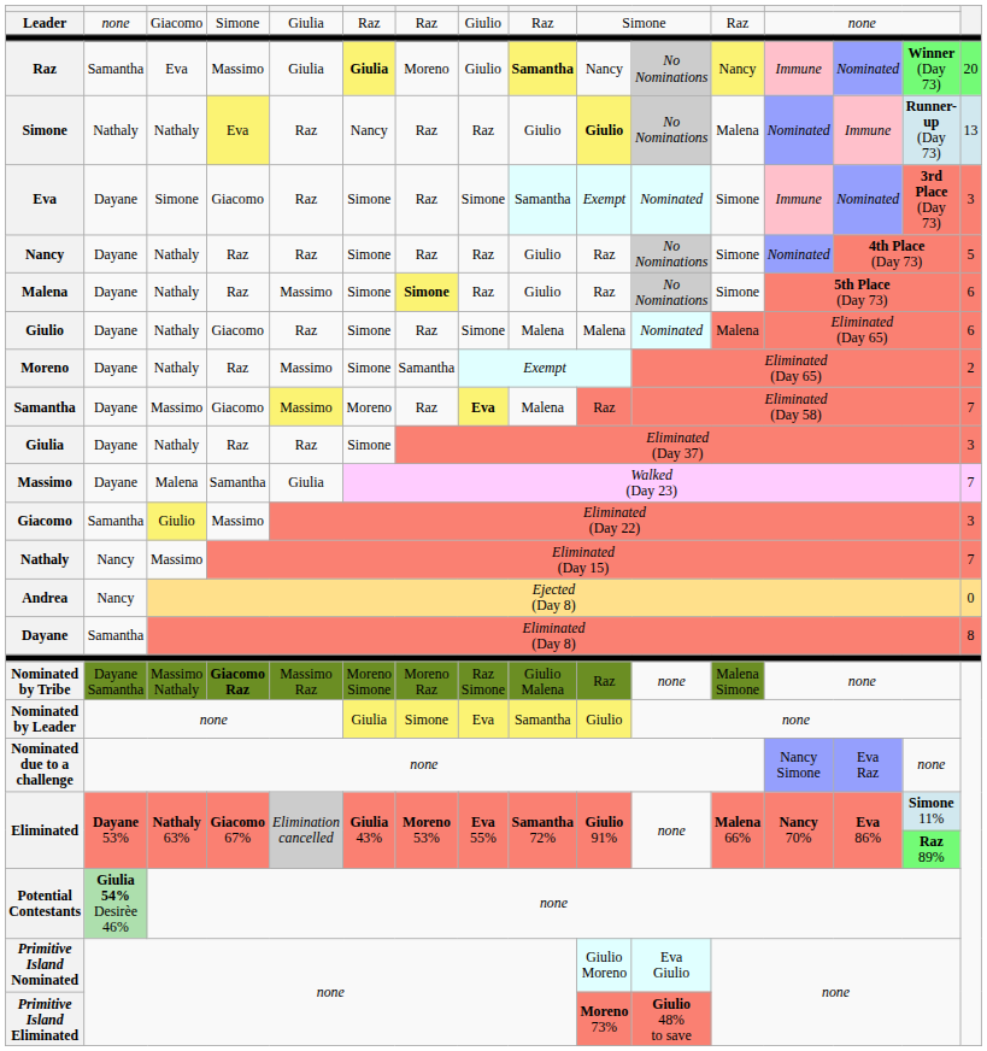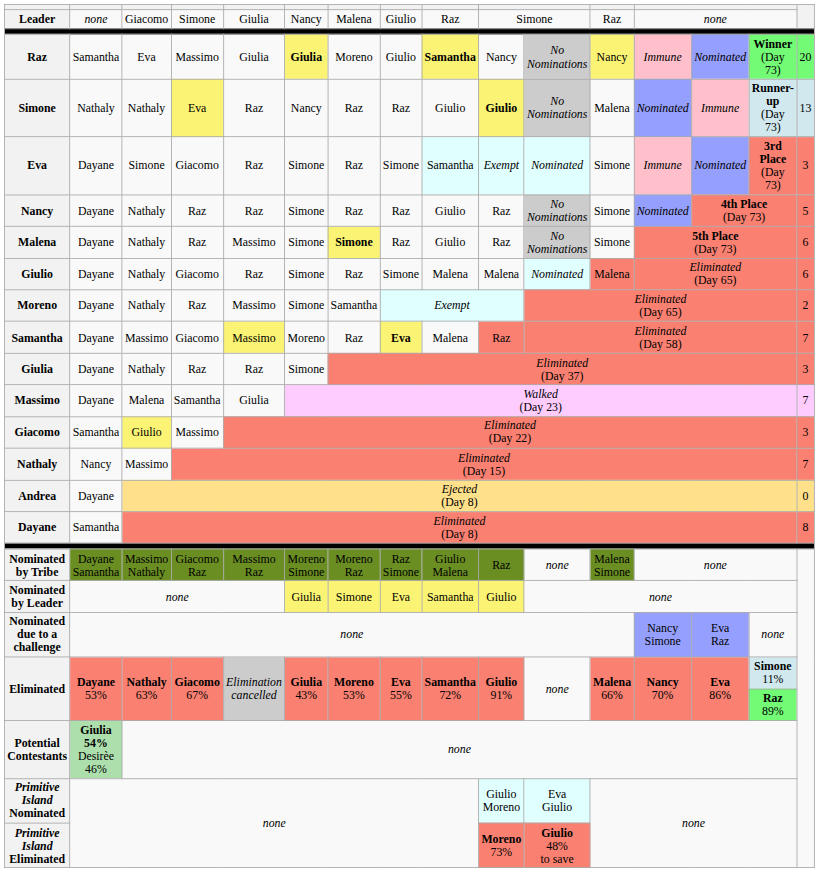 <table class="wikitable" style="font-size:85%; width:100%; text-align:center; margin-left: auto; margin-right: auto;; line-height:15px;">
 <tr>
 <th style="width: 10%;"></th>
 <th style="width: 6%;"></th>
 <th style="width: 6%;"></th>
 <th style="width: 6%;"></th>
 <th style="width: 6%;"></th>
 <th style="width: 6%;"></th>
 <th style="width: 6%;"></th>
 <th style="width: 6%;"></th>
 <th style="width: 6%;"></th>
 <th colspan="2" style="width: 9%;"></th>
 <th style="width: 6%;"></th>
 <th colspan="3" style="width: 15%;"></th>
 <th rowspan="2" style="width: 5%;"></th>
 </tr>
 <tr>
 <th>Leader</th>
 <td><em>none</em></td>
 <td>Giacomo</td>
 <td>Simone</td>
 <td>Giulia</td>
-<td>Raz</td>
-<td>Raz</td>
+<td>Nancy</td>
+<td>Malena</td>
 <td>Giulio</td>
 <td>Raz</td>
 <td colspan="2">Simone</td>
 <td>Raz</td>
 <td colspan="3"><em>none</em></td>
 </tr>
 <tr>
 <th colspan="16" style="background:#000;"></th>
 </tr>
 <tr>
 <th>Raz</th>
 <td>Samantha</td>
 <td>Eva</td>
 <td>Massimo</td>
 <td>Giulia</td>
 <td style="background:#FBF373"><strong>Giulia</strong></td>
 <td>Moreno</td>
 <td>Giulio</td>
 <td style="background:#FBF373"><strong>Samantha</strong></td>
 <td>Nancy</td>
 <td style="background:#CCC"><em>No<br>Nominations</em></td>
 <td style="background:#FBF373">Nancy</td>
 <td style="background:pink;"><em>Immune</em></td>
 <td style="background:#959ffd;"><em>Nominated</em></td>
 <td style="background:#73fb76;"><strong>Winner</strong><br>(Day 73)</td>
 <td style="background:#73fb76;">20</td>
 </tr>
 <tr>
 <th>Simone</th>
 <td>Nathaly</td>
 <td>Nathaly</td>
 <td style="background:#FBF373">Eva</td>
 <td>Raz</td>
 <td>Nancy</td>
 <td>Raz</td>
 <td>Raz</td>
 <td>Giulio</td>
 <td style="background:#FBF373"><strong>Giulio</strong></td>
 <td style="background:#CCC"><em>No<br>Nominations</em></td>
 <td>Malena</td>
 <td style="background:#959ffd;"><em>Nominated</em></td>
 <td style="background:pink;"><em>Immune</em></td>
 <td style="background:#d1e8ef;"><strong>Runner-up</strong><br>(Day 73)</td>
 <td style="background:#d1e8ef;">13</td>
 </tr>
 <tr>
 <th>Eva</th>
 <td>Dayane</td>
 <td>Simone</td>
 <td>Giacomo</td>
 <td>Raz</td>
 <td>Simone</td>
 <td>Raz</td>
 <td>Simone</td>
 <td style="background:#E0FFFF">Samantha</td>
 <td style="background:#E0FFFF"><em>Exempt</em></td>
 <td style="background:#E0FFFF"><em>Nominated</em></td>
 <td>Simone</td>
 <td style="background:pink;"><em>Immune</em></td>
 <td style="background:#959ffd;"><em>Nominated</em></td>
 <td style="background:salmon;"><strong>3rd Place</strong><br>(Day 73)</td>
 <td style="background:salmon;">3</td>
 </tr>
 <tr>
 <th>Nancy</th>
 <td>Dayane</td>
 <td>Nathaly</td>
 <td>Raz</td>
 <td>Raz</td>
 <td>Simone</td>
 <td>Raz</td>
 <td>Raz</td>
 <td>Giulio</td>
 <td>Raz</td>
 <td style="background:#CCC"><em>No<br>Nominations</em></td>
 <td>Simone</td>
 <td style="background:#959ffd;"><em>Nominated</em></td>
 <td colspan="2" style="background:salmon;"><strong>4th Place</strong><br>(Day 73)</td>
 <td style="background:salmon;">5</td>
 </tr>
 <tr>
 <th>Malena</th>
 <td>Dayane</td>
 <td>Nathaly</td>
 <td>Raz</td>
 <td>Massimo</td>
 <td>Simone</td>
 <td style="background:#FBF373"><strong>Simone</strong></td>
 <td>Raz</td>
 <td>Giulio</td>
 <td>Raz</td>
 <td style="background:#CCC"><em>No<br>Nominations</em></td>
 <td>Simone</td>
 <td colspan="3" style="background:salmon;"><strong>5th Place</strong><br>(Day 73)</td>
 <td style="background:salmon;">6</td>
 </tr>
 <tr>
 <th>Giulio</th>
 <td>Dayane</td>
 <td>Nathaly</td>
 <td>Giacomo</td>
 <td>Raz</td>
 <td>Simone</td>
 <td>Raz</td>
 <td>Simone</td>
 <td>Malena</td>
 <td>Malena</td>
 <td style="background:#E0FFFF"><em>Nominated</em></td>
 <td style="background:salmon;">Malena</td>
 <td colspan="3" style="background:salmon;"><em>Eliminated</em><br>(Day 65)</td>
 <td style="background:salmon;">6</td>
 </tr>
 <tr>
 <th>Moreno</th>
 <td>Dayane</td>
 <td>Nathaly</td>
 <td>Raz</td>
 <td>Massimo</td>
 <td>Simone</td>
 <td>Samantha</td>
 <td colspan="3" style="background:#E0FFFF"><em>Exempt</em></td>
 <td colspan="5" style="background:salmon;"><em>Eliminated</em><br>(Day 65)</td>
 <td style="background:salmon;">2</td>
 </tr>
 <tr>
 <th>Samantha</th>
 <td>Dayane</td>
 <td>Massimo</td>
 <td>Giacomo</td>
 <td style="background:#FBF373">Massimo</td>
 <td>Moreno</td>
 <td>Raz</td>
 <td style="background:#FBF373"><strong>Eva</strong></td>
 <td>Malena</td>
 <td style="background:salmon;">Raz</td>
 <td colspan="5" style="background:salmon;"><em>Eliminated</em><br>(Day 58)</td>
 <td style="background:salmon;">7</td>
 </tr>
 <tr>
 <th>Giulia</th>
 <td>Dayane</td>
 <td>Nathaly</td>
 <td>Raz</td>
 <td>Raz</td>
 <td>Simone</td>
 <td colspan="9" style="background:salmon;"><em>Eliminated</em><br>(Day 37)</td>
 <td style="background:salmon;">3</td>
 </tr>
 <tr>
 <th>Massimo</th>
 <td>Dayane</td>
 <td>Malena</td>
 <td>Samantha</td>
 <td>Giulia</td>
 <td colspan="10" style="background:#fcf;"><em>Walked</em><br>(Day 23)</td>
 <td style="background:#fcf;">7</td>
 </tr>
 <tr>
 <th>Giacomo</th>
 <td>Samantha</td>
 <td style="background:#FBF373">Giulio</td>
 <td>Massimo</td>
 <td colspan="11" style="background:salmon;"><em>Eliminated</em><br>(Day 22)</td>
 <td style="background:salmon;">3</td>
 </tr>
 <tr>
 <th>Nathaly</th>
 <td>Nancy</td>
 <td>Massimo</td>
 <td colspan="12" style="background:salmon;"><em>Eliminated<br></em>(Day 15)</td>
 <td style="background:salmon;">7</td>
 </tr>
 <tr>
 <th>Andrea</th>
-<td>Nancy</td>
+<td>Dayane</td>
 <td colspan="13" style="background:#FFE08B;"><em>Ejected<br></em>(Day 8)</td>
 <td style="background:#FFE08B;">0</td>
 </tr>
 <tr>
 <th>Dayane</th>
 <td>Samantha</td>
 <td colspan="13" style="background:salmon;"><em>Eliminated<br></em>(Day 8)</td>
 <td style="background:salmon;">8</td>
 </tr>
 <tr>
 <th colspan="16" style="background:#000;"></th>
 </tr>
 <tr>
 <th>Nominated by Tribe</th>
 <td style="background:#6B8E23;">Dayane<br>Samantha</td>
 <td style="background:#6B8E23;">Massimo<br>Nathaly</td>
-<td style="background:#6B8E23;"><strong>Giacomo<br>Raz</strong></td>
+<td style="background:#6B8E23;">Giacomo<br>Raz</td>
 <td style="background:#6B8E23;">Massimo<br>Raz</td>
 <td style="background:#6B8E23;">Moreno<br>Simone</td>
 <td style="background:#6B8E23;">Moreno<br>Raz</td>
 <td style="background:#6B8E23;">Raz<br>Simone</td>
 <td style="background:#6B8E23;">Giulio<br>Malena</td>
 <td style="background:#6B8E23;">Raz</td>
 <td><em>none</em></td>
 <td style="background:#6B8E23;">Malena<br>Simone</td>
 <td colspan="3"><em>none</em></td>
 </tr>
 <tr>
 <th>Nominated by Leader</th>
 <td colspan="4"><em>none</em></td>
 <td style="background:#FBF373;">Giulia</td>
 <td style="background:#FBF373;">Simone</td>
 <td style="background:#FBF373;">Eva</td>
 <td style="background:#FBF373;">Samantha</td>
 <td style="background:#FBF373;">Giulio</td>
 <td colspan="5"><em>none</em></td>
 </tr>
 <tr>
 <th>Nominated due to a challenge</th>
 <td colspan="11"><em>none</em></td>
 <td style="background:#959ffd;">Nancy<br>Simone</td>
 <td style="background:#959ffd;">Eva<br>Raz</td>
 <td><em>none</em></td>
 </tr>
 <tr>
 <th rowspan="2">Eliminated</th>
 <td rowspan="2" style="background:salmon;"><strong>Dayane</strong><br>53%</td>
 <td rowspan="2" style="background:salmon;"><strong>Nathaly</strong><br>63%</td>
 <td rowspan="2" style="background:salmon;"><strong>Giacomo</strong><br>67%</td>
 <td rowspan="2" style="background:#ccc;"><em>Elimination<br>cancelled</em></td>
 <td rowspan="2" style="background:salmon;"><strong>Giulia</strong><br>43%</td>
 <td rowspan="2" style="background:salmon;"><strong>Moreno</strong><br>53%</td>
 <td rowspan="2" style="background:salmon;"><strong>Eva</strong><br>55%</td>
 <td rowspan="2" style="background:salmon;"><strong>Samantha</strong><br>72%</td>
 <td rowspan="2" style="background:salmon;"><strong>Giulio</strong><br>91%</td>
 <td rowspan="2"><em>none</em></td>
 <td rowspan="2" style="background:salmon;"><strong>Malena</strong><br>66%</td>
 <td rowspan="2" style="background:salmon;"><strong>Nancy</strong><br>70%</td>
 <td rowspan="2" style="background:salmon;"><strong>Eva</strong><br>86%</td>
 <td style="background: #D1E8EF;"><strong>Simone</strong><br>11%<br></td>
 </tr>
 <tr>
 <td style="background: #73FB76;"><strong>Raz</strong><br>89%<br></td>
 </tr>
 <tr>
 <th>Potential Contestants</th>
 <td style="background:#addfad;"><strong>Giulia</strong><br><strong>54%</strong><br>Desirèe<br>46%</td>
 <td colspan="13"><em>none</em></td>
 </tr>
 <tr>
 <th><em>Primitive Island</em><br>Nominated</th>
 <td colspan="8" rowspan="2"><em>none</em></td>
 <td style="background:#E0FFFF">Giulio<br>Moreno</td>
 <td style="background:#E0FFFF">Eva<br>Giulio</td>
 <td colspan="4" rowspan="2"><em>none</em></td>
 </tr>
 <tr>
 <th><em>Primitive Island</em><br>Eliminated</th>
 <td style="background:salmon;"><strong>Moreno</strong><br>73%<br></td>
 <td style="background:salmon;"><strong>Giulio</strong><br>48%<br>to save</td>
 </tr>
 </table>
